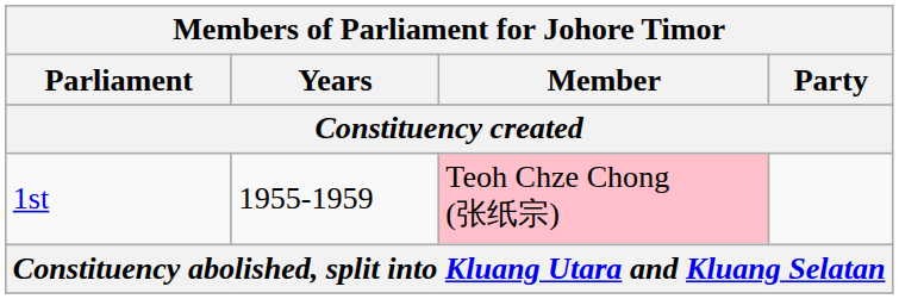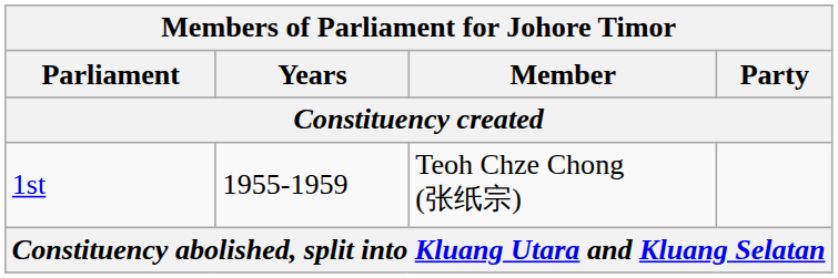 <table class="wikitable">
 <tr>
 <th colspan="4">Members of Parliament for Johore Timor</th>
 </tr>
 <tr>
 <th>Parliament</th>
 <th>Years</th>
 <th>Member</th>
 <th>Party</th>
 </tr>
 <tr>
 <th colspan="4"><em>Constituency created</em></th>
 </tr>
 <tr>
 <td><a href='#'>1st</a></td>
 <td>1955-1959</td>
-<td style="background: pink;">Teoh Chze Chong  <br>(张纸宗)</td>
+<td>Teoh Chze Chong  <br>(张纸宗)</td>
 <td></td>
 </tr>
 <tr>
 <th colspan="4"><em>Constituency abolished, split into <a href='#'>Kluang Utara</a> and <a href='#'>Kluang Selatan</a></em></th>
 </tr>
 </table>
